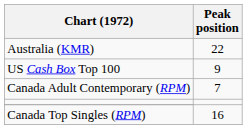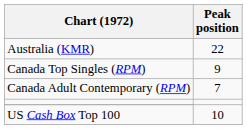 <table class="wikitable sortable">
 <tr>
 <th align="left">Chart (1972)</th>
 <th align="left">Peak<br>position</th>
 </tr>
 <tr>
 <td align="left">Australia (<a href='#'>KMR</a>)</td>
 <td style="text-align:center;">22</td>
 </tr>
 <tr>
-<td align="left">US <em><a href='#'>Cash Box</a></em> Top 100</td>
+<td align="left">Canada Top Singles (<a href='#'><em>RPM</em></a>)</td>
 <td style="text-align:center;">9</td>
 </tr>
 <tr>
 <td align="left">Canada Adult Contemporary (<a href='#'><em>RPM</em></a>)</td>
 <td style="text-align:center;">7</td>
 </tr>
 <tr>
 <td></td>
 </tr>
 <tr>
 </tr>
 <tr>
 </tr>
 <tr>
 </tr>
 <tr>
 </tr>
 <tr>
-<td align="left">Canada Top Singles (<a href='#'><em>RPM</em></a>)</td>
-<td style="text-align:center;">16</td>
+<td align="left">US <em><a href='#'>Cash Box</a></em> Top 100</td>
+<td style="text-align:center;">10</td>
 </tr>
 </table>
